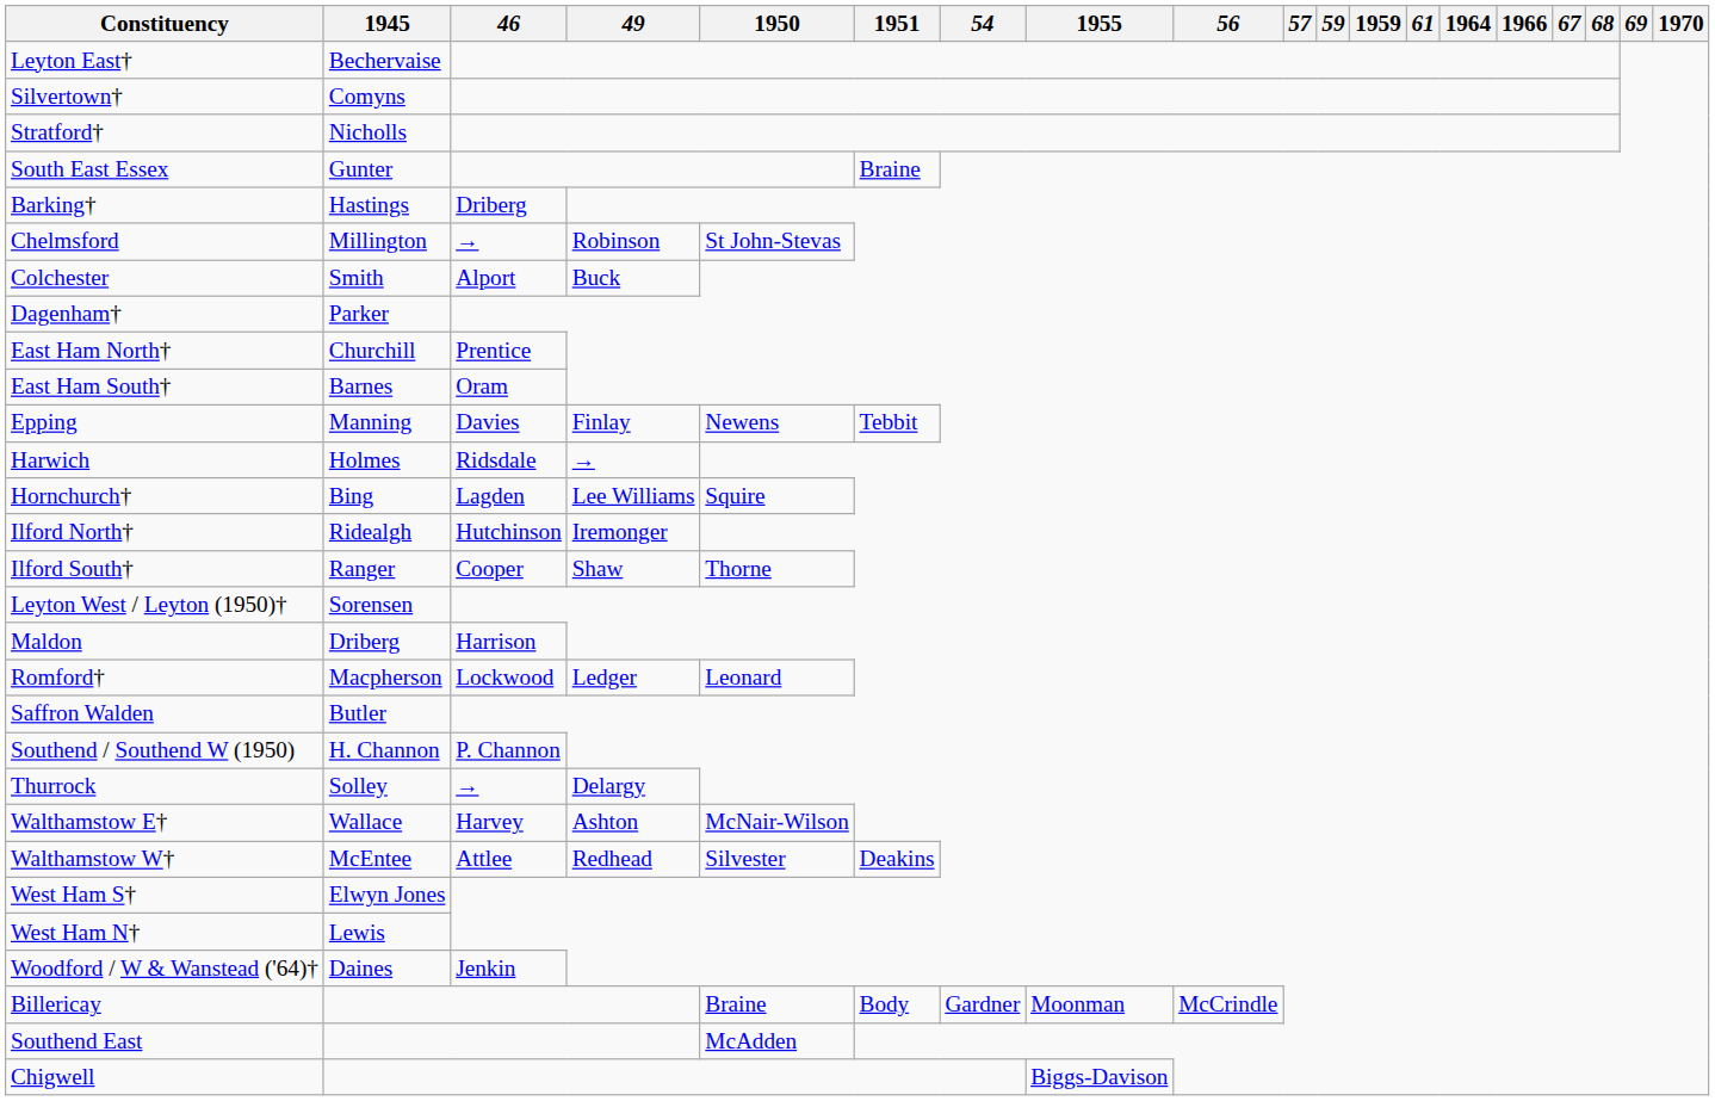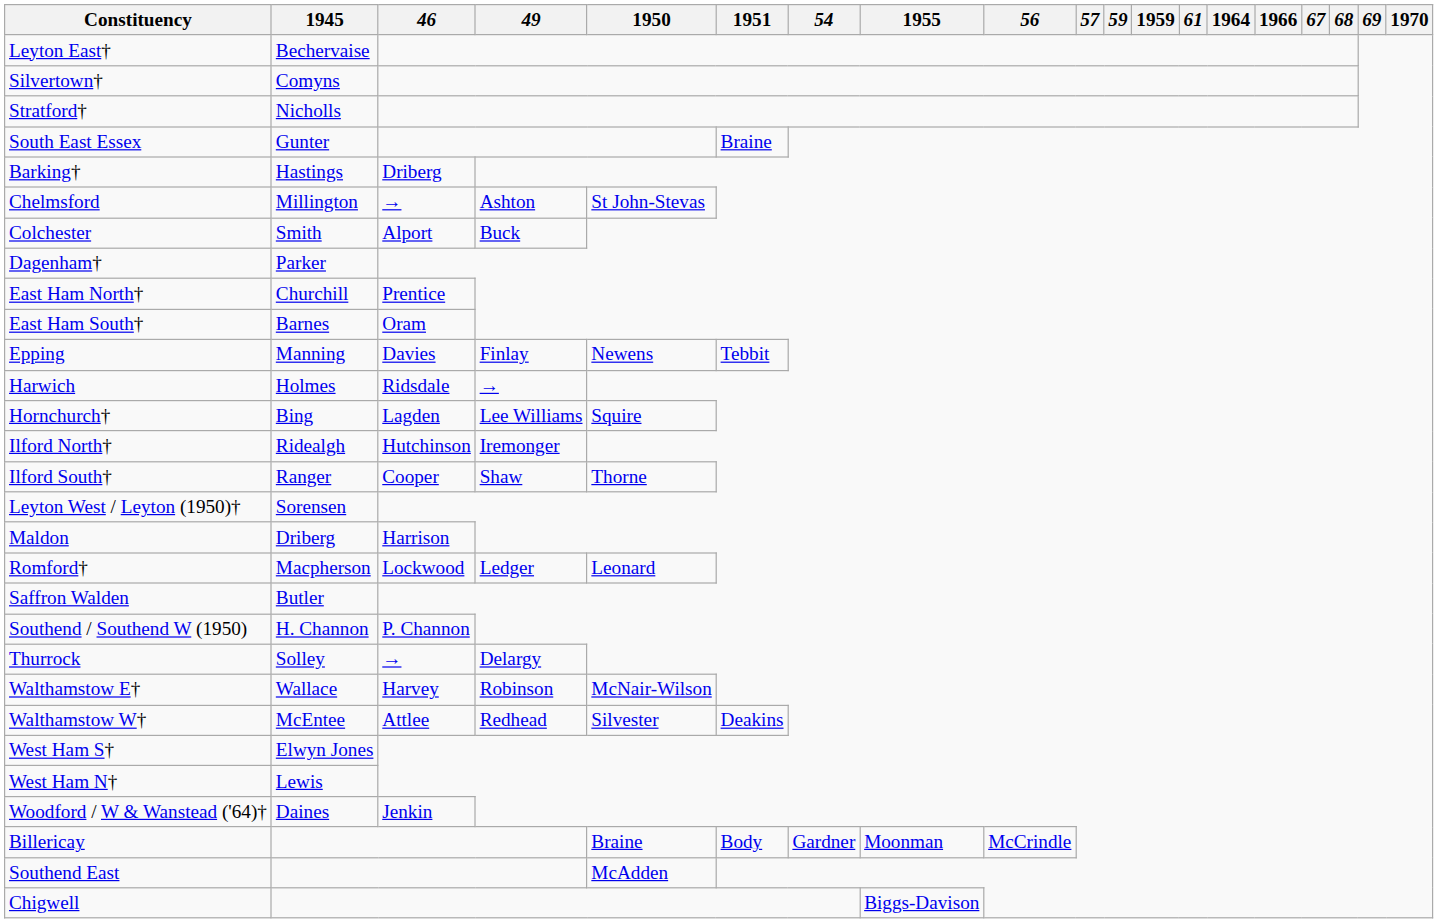 <table class="wikitable">
 <tr>
 <th>Constituency</th>
 <th>1945</th>
 <th><em>46</em></th>
 <th><em>49</em></th>
 <th>1950</th>
 <th>1951</th>
 <th><em>54</em></th>
 <th>1955</th>
 <th><em>56</em></th>
 <th><em>57</em></th>
 <th><em>59</em></th>
 <th>1959</th>
 <th><em>61</em></th>
 <th>1964</th>
 <th>1966</th>
 <th><em>67</em></th>
 <th><em>68</em></th>
 <th><em>69</em></th>
 <th>1970</th>
 </tr>
 <tr>
 <td><a href='#'>Leyton East</a>†</td>
 <td><a href='#'>Bechervaise</a></td>
 <td colspan="15"></td>
 </tr>
 <tr>
 <td><a href='#'>Silvertown</a>†</td>
 <td><a href='#'>Comyns</a></td>
 <td colspan="15"></td>
 </tr>
 <tr>
 <td><a href='#'>Stratford</a>†</td>
 <td><a href='#'>Nicholls</a></td>
 <td colspan="15"></td>
 </tr>
 <tr>
 <td><a href='#'>South East Essex</a></td>
 <td><a href='#'>Gunter</a></td>
 <td colspan="3"></td>
 <td><a href='#'>Braine</a></td>
 </tr>
 <tr>
 <td><a href='#'>Barking</a>†</td>
 <td><a href='#'>Hastings</a></td>
 <td><a href='#'>Driberg</a></td>
 </tr>
 <tr>
 <td><a href='#'>Chelmsford</a></td>
 <td><a href='#'>Millington</a></td>
 <td><a href='#'>→</a></td>
-<td><a href='#'>Robinson</a></td>
+<td><a href='#'>Ashton</a></td>
 <td><a href='#'>St John-Stevas</a></td>
 </tr>
 <tr>
 <td><a href='#'>Colchester</a></td>
 <td><a href='#'>Smith</a></td>
 <td><a href='#'>Alport</a></td>
 <td><a href='#'>Buck</a></td>
 </tr>
 <tr>
 <td><a href='#'>Dagenham</a>†</td>
 <td><a href='#'>Parker</a></td>
 </tr>
 <tr>
 <td><a href='#'>East Ham North</a>†</td>
 <td><a href='#'>Churchill</a></td>
 <td><a href='#'>Prentice</a></td>
 </tr>
 <tr>
 <td><a href='#'>East Ham South</a>†</td>
 <td><a href='#'>Barnes</a></td>
 <td><a href='#'>Oram</a></td>
 </tr>
 <tr>
 <td><a href='#'>Epping</a></td>
 <td><a href='#'>Manning</a></td>
 <td><a href='#'>Davies</a></td>
 <td><a href='#'>Finlay</a></td>
 <td><a href='#'>Newens</a></td>
 <td><a href='#'>Tebbit</a></td>
 </tr>
 <tr>
 <td><a href='#'>Harwich</a></td>
 <td><a href='#'>Holmes</a></td>
 <td><a href='#'>Ridsdale</a></td>
 <td><a href='#'>→</a></td>
 </tr>
 <tr>
 <td><a href='#'>Hornchurch</a>†</td>
 <td><a href='#'>Bing</a></td>
 <td><a href='#'>Lagden</a></td>
 <td><a href='#'>Lee Williams</a></td>
 <td><a href='#'>Squire</a></td>
 </tr>
 <tr>
 <td><a href='#'>Ilford North</a>†</td>
 <td><a href='#'>Ridealgh</a></td>
 <td><a href='#'>Hutchinson</a></td>
 <td><a href='#'>Iremonger</a></td>
 </tr>
 <tr>
 <td><a href='#'>Ilford South</a>†</td>
 <td><a href='#'>Ranger</a></td>
 <td><a href='#'>Cooper</a></td>
 <td><a href='#'>Shaw</a></td>
 <td><a href='#'>Thorne</a></td>
 </tr>
 <tr>
 <td><a href='#'>Leyton West</a> / <a href='#'>Leyton</a> (1950)†</td>
 <td><a href='#'>Sorensen</a></td>
 </tr>
 <tr>
 <td><a href='#'>Maldon</a></td>
 <td><a href='#'>Driberg</a></td>
 <td><a href='#'>Harrison</a></td>
 </tr>
 <tr>
 <td><a href='#'>Romford</a>†</td>
 <td><a href='#'>Macpherson</a></td>
 <td><a href='#'>Lockwood</a></td>
 <td><a href='#'>Ledger</a></td>
 <td><a href='#'>Leonard</a></td>
 </tr>
 <tr>
 <td><a href='#'>Saffron Walden</a></td>
 <td><a href='#'>Butler</a></td>
 </tr>
 <tr>
 <td><a href='#'>Southend</a> / <a href='#'>Southend W</a> (1950)</td>
 <td><a href='#'>H. Channon</a></td>
 <td><a href='#'>P. Channon</a></td>
 </tr>
 <tr>
 <td><a href='#'>Thurrock</a></td>
 <td><a href='#'>Solley</a></td>
 <td><a href='#'>→</a></td>
 <td><a href='#'>Delargy</a></td>
 </tr>
 <tr>
 <td><a href='#'>Walthamstow E</a>†</td>
 <td><a href='#'>Wallace</a></td>
 <td><a href='#'>Harvey</a></td>
-<td><a href='#'>Ashton</a></td>
+<td><a href='#'>Robinson</a></td>
 <td><a href='#'>McNair-Wilson</a></td>
 </tr>
 <tr>
 <td><a href='#'>Walthamstow W</a>†</td>
 <td><a href='#'>McEntee</a></td>
 <td><a href='#'>Attlee</a></td>
 <td><a href='#'>Redhead</a></td>
 <td><a href='#'>Silvester</a></td>
 <td><a href='#'>Deakins</a></td>
 </tr>
 <tr>
 <td><a href='#'>West Ham S</a>†</td>
 <td><a href='#'>Elwyn Jones</a></td>
 </tr>
 <tr>
 <td><a href='#'>West Ham N</a>†</td>
 <td><a href='#'>Lewis</a></td>
 </tr>
 <tr>
 <td><a href='#'>Woodford</a> / <a href='#'>W & Wanstead</a> ('64)†</td>
 <td><a href='#'>Daines</a></td>
 <td><a href='#'>Jenkin</a></td>
 </tr>
 <tr>
 <td><a href='#'>Billericay</a></td>
 <td colspan="3"></td>
 <td><a href='#'>Braine</a></td>
 <td><a href='#'>Body</a></td>
 <td><a href='#'>Gardner</a></td>
 <td><a href='#'>Moonman</a></td>
 <td><a href='#'>McCrindle</a></td>
 </tr>
 <tr>
 <td><a href='#'>Southend East</a></td>
 <td colspan="3"></td>
 <td><a href='#'>McAdden</a></td>
 </tr>
 <tr>
 <td><a href='#'>Chigwell</a></td>
 <td colspan="6"></td>
 <td><a href='#'>Biggs-Davison</a></td>
 </tr>
 </table>
